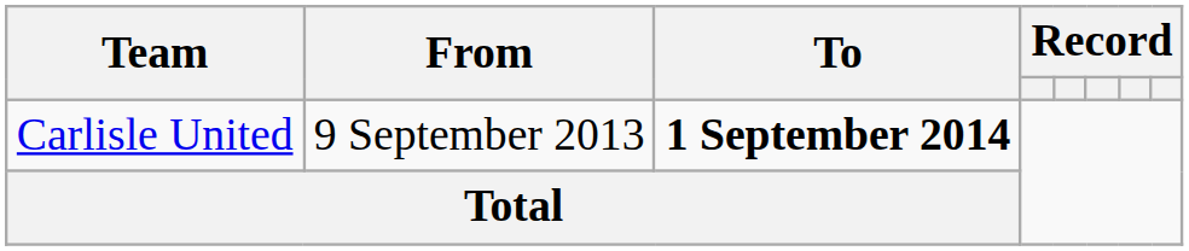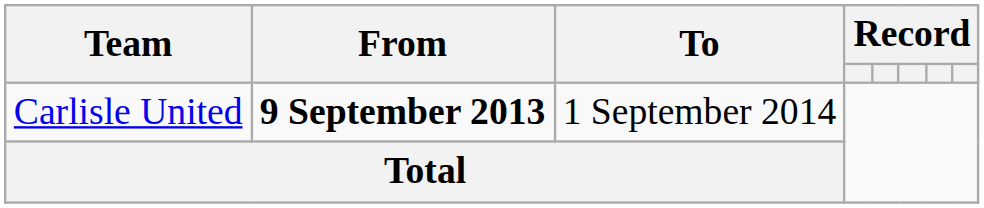 <table class=wikitable style="text-align: center">
 <tr>
 <th rowspan=2>Team</th>
 <th rowspan=2>From</th>
 <th rowspan=2>To</th>
 <th colspan=5>Record</th>
 </tr>
 <tr>
 <th></th>
 <th></th>
 <th></th>
 <th></th>
 <th></th>
 </tr>
 <tr>
 <td align=left><a href='#'>Carlisle United</a></td>
-<td align=left>9 September 2013</td>
-<td align=left><strong>1 September 2014<br></strong></td>
+<td align=left><strong>9 September 2013</strong></td>
+<td align=left>1 September 2014<br></td>
 </tr>
 <tr>
 <th colspan=3>Total<br></th>
 </tr>
 </table>
